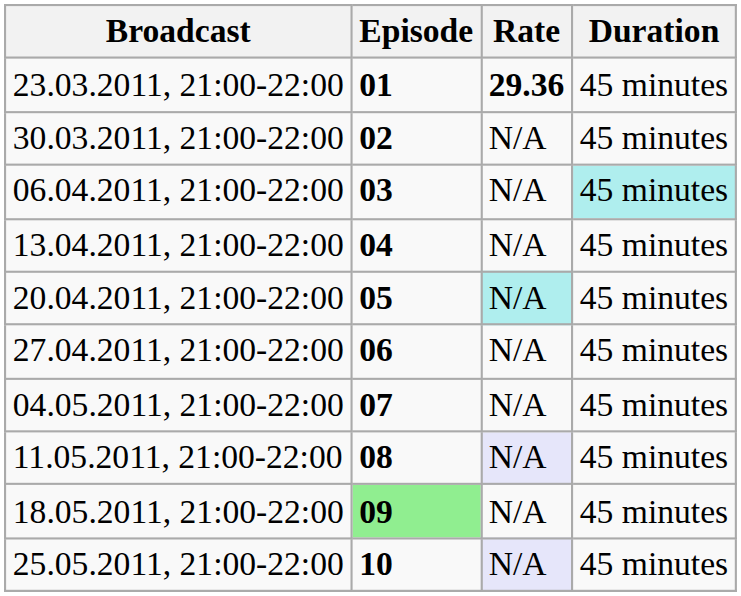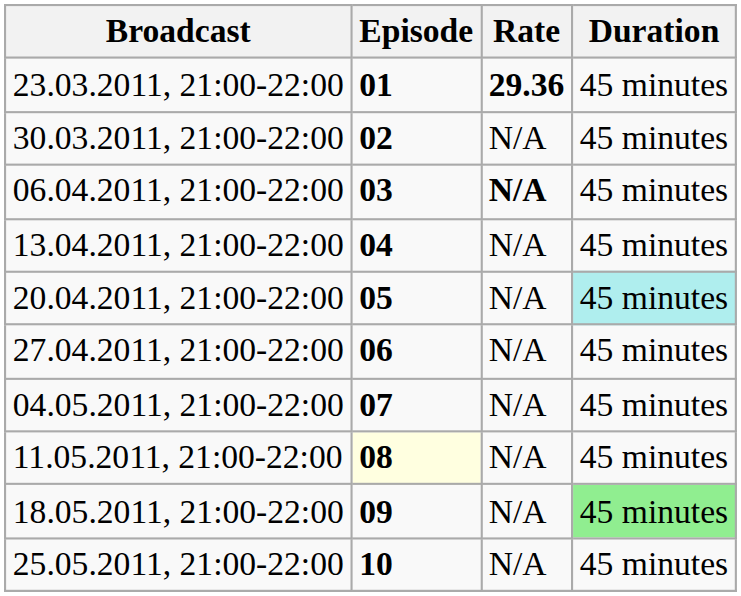 <table class="wikitable">
 <tr>
 <th>Broadcast</th>
 <th>Episode</th>
 <th>Rate</th>
 <th>Duration</th>
 </tr>
 <tr>
 <td>23.03.2011, 21:00-22:00</td>
 <td><strong>01</strong></td>
 <td><strong>29.36</strong></td>
 <td>45 minutes</td>
 </tr>
 <tr>
 <td>30.03.2011, 21:00-22:00</td>
 <td><strong>02</strong></td>
 <td>N/A</td>
 <td>45 minutes</td>
 </tr>
 <tr>
 <td>06.04.2011, 21:00-22:00</td>
 <td><strong>03</strong></td>
-<td>N/A</td>
-<td style="background: paleturquoise;">45 minutes</td>
+<td><strong>N/A</strong></td>
+<td>45 minutes</td>
 </tr>
 <tr>
 <td>13.04.2011, 21:00-22:00</td>
 <td><strong>04</strong></td>
 <td>N/A</td>
 <td>45 minutes</td>
 </tr>
 <tr>
 <td>20.04.2011, 21:00-22:00</td>
 <td><strong>05</strong></td>
-<td style="background: paleturquoise;">N/A</td>
-<td>45 minutes</td>
+<td>N/A</td>
+<td style="background: paleturquoise;">45 minutes</td>
 </tr>
 <tr>
 <td>27.04.2011, 21:00-22:00</td>
 <td><strong>06</strong></td>
 <td>N/A</td>
 <td>45 minutes</td>
 </tr>
 <tr>
 <td>04.05.2011, 21:00-22:00</td>
 <td><strong>07</strong></td>
 <td>N/A</td>
 <td>45 minutes</td>
 </tr>
 <tr>
 <td>11.05.2011, 21:00-22:00</td>
-<td><strong>08</strong></td>
-<td style="background: lavender;">N/A</td>
+<td style="background: lightyellow;"><strong>08</strong></td>
+<td>N/A</td>
 <td>45 minutes</td>
 </tr>
 <tr>
 <td>18.05.2011, 21:00-22:00</td>
-<td style="background: lightgreen;"><strong>09</strong></td>
+<td><strong>09</strong></td>
 <td>N/A</td>
-<td>45 minutes</td>
+<td style="background: lightgreen;">45 minutes</td>
 </tr>
 <tr>
 <td>25.05.2011, 21:00-22:00</td>
 <td><strong>10</strong></td>
-<td style="background: lavender;">N/A</td>
+<td>N/A</td>
 <td>45 minutes</td>
 </tr>
 <tr>
 </tr>
 </table>
